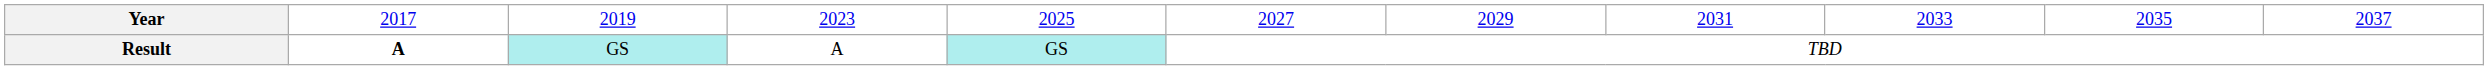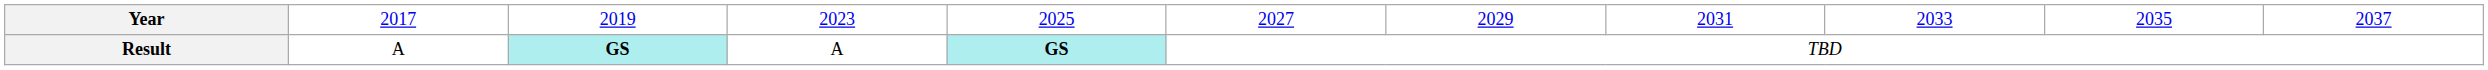 <table class="wikitable" style="text-align:center; font-size:90%; background:white;" width="100%">
 <tr>
 <th>Year</th>
 <td><a href='#'>2017</a></td>
 <td><a href='#'>2019</a></td>
 <td><a href='#'>2023</a></td>
 <td><a href='#'>2025</a></td>
 <td><a href='#'>2027</a></td>
 <td><a href='#'>2029</a></td>
 <td><a href='#'>2031</a></td>
 <td><a href='#'>2033</a></td>
 <td><a href='#'>2035</a></td>
 <td><a href='#'>2037</a></td>
 </tr>
 <tr>
 <th>Result</th>
-<td><strong>A</strong></td>
-<td bgcolor="afeeee">GS</td>
 <td>A</td>
-<td bgcolor="afeeee">GS</td>
+<td bgcolor="afeeee"><strong>GS</strong></td>
+<td>A</td>
+<td bgcolor="afeeee"><strong>GS</strong></td>
 <td colspan="6"><em>TBD</em></td>
 </tr>
 </table>
